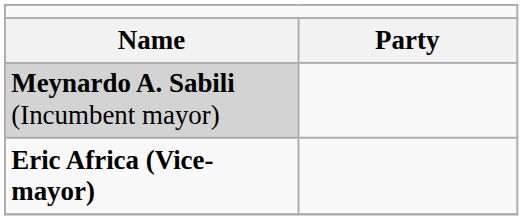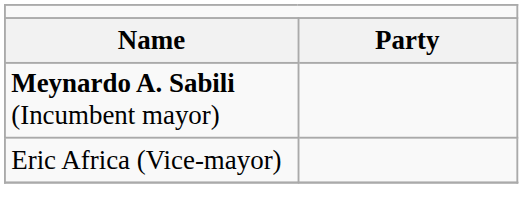 <table class=wikitable style="font-size:90%">
 <tr>
 <td colspan=4 bgcolor=></td>
 </tr>
 <tr>
 <th width=150px>Name</th>
 <th colspan=2 width=110px>Party</th>
 </tr>
 <tr>
-<td style="background: lightgrey;"><strong>Meynardo A. Sabili</strong> (Incumbent mayor)</td>
+<td><strong>Meynardo A. Sabili</strong> (Incumbent mayor)</td>
 <td></td>
 </tr>
 <tr>
-<td><strong>Eric Africa (Vice-mayor)</strong></td>
+<td>Eric Africa (Vice-mayor)</td>
 <td></td>
 </tr>
 <tr>
 </tr>
 </table>
